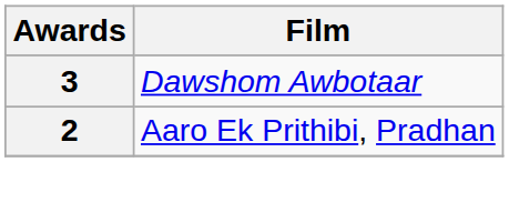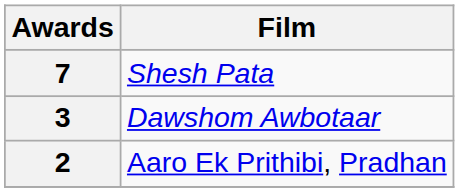 <table class="wikitable" style="display:inline-table;">
 <tr>
 <th>Awards</th>
 <th>Film</th>
+</tr>
+<tr>
+<th>7</th>
+<td><em><a href='#'>Shesh Pata</a></em></td>
 </tr>
 <tr>
 <th>3</th>
 <td><em><a href='#'>Dawshom Awbotaar</a></em></td>
 </tr>
 <tr>
 <th>2</th>
 <td><a href='#'>Aaro Ek Prithibi</a>, <a href='#'>Pradhan</a></td>
 </tr>
 <tr>
 </tr>
 </table>
